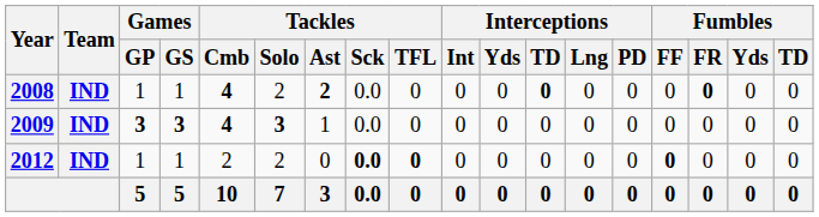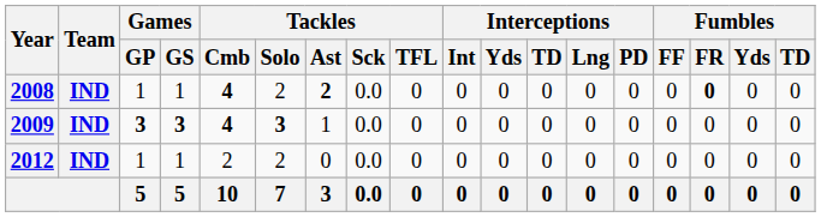 <table class="wikitable" style="text-align:center">
 <tr>
 <th rowspan="2">Year</th>
 <th rowspan="2">Team</th>
 <th colspan="2">Games</th>
 <th colspan="5">Tackles</th>
 <th colspan="5">Interceptions</th>
 <th colspan="4">Fumbles</th>
 </tr>
 <tr>
 <th>GP</th>
 <th>GS</th>
 <th>Cmb</th>
 <th>Solo</th>
 <th>Ast</th>
 <th>Sck</th>
 <th>TFL</th>
 <th>Int</th>
 <th>Yds</th>
 <th>TD</th>
 <th>Lng</th>
 <th>PD</th>
 <th>FF</th>
 <th>FR</th>
 <th>Yds</th>
 <th>TD</th>
 </tr>
 <tr>
 <th><a href='#'>2008</a></th>
 <th><a href='#'>IND</a></th>
 <td>1</td>
 <td>1</td>
 <td><strong>4</strong></td>
 <td>2</td>
 <td><strong>2</strong></td>
 <td>0.0</td>
 <td>0</td>
 <td>0</td>
 <td>0</td>
-<td><strong>0</strong></td>
+<td>0</td>
 <td>0</td>
 <td>0</td>
 <td>0</td>
 <td><strong>0</strong></td>
 <td>0</td>
 <td>0</td>
 </tr>
 <tr>
 <th><a href='#'>2009</a></th>
 <th><a href='#'>IND</a></th>
 <td><strong>3</strong></td>
 <td><strong>3</strong></td>
 <td><strong>4</strong></td>
 <td><strong>3</strong></td>
 <td>1</td>
 <td>0.0</td>
 <td>0</td>
 <td>0</td>
 <td>0</td>
 <td>0</td>
 <td>0</td>
 <td>0</td>
 <td>0</td>
 <td>0</td>
 <td>0</td>
 <td>0</td>
 </tr>
 <tr>
 <th><a href='#'>2012</a></th>
 <th><a href='#'>IND</a></th>
 <td>1</td>
 <td>1</td>
 <td>2</td>
 <td>2</td>
 <td>0</td>
-<td><strong>0.0</strong></td>
-<td><strong>0</strong></td>
+<td>0.0</td>
 <td>0</td>
 <td>0</td>
 <td>0</td>
 <td>0</td>
 <td>0</td>
-<td><strong>0</strong></td>
+<td>0</td>
+<td>0</td>
 <td>0</td>
 <td>0</td>
 <td>0</td>
 </tr>
 <tr>
 <th colspan="2"></th>
 <th>5</th>
 <th>5</th>
 <th>10</th>
 <th>7</th>
 <th>3</th>
 <th>0.0</th>
 <th>0</th>
 <th>0</th>
 <th>0</th>
 <th>0</th>
 <th>0</th>
 <th>0</th>
 <th>0</th>
 <th>0</th>
 <th>0</th>
 <th>0</th>
 </tr>
 </table>
